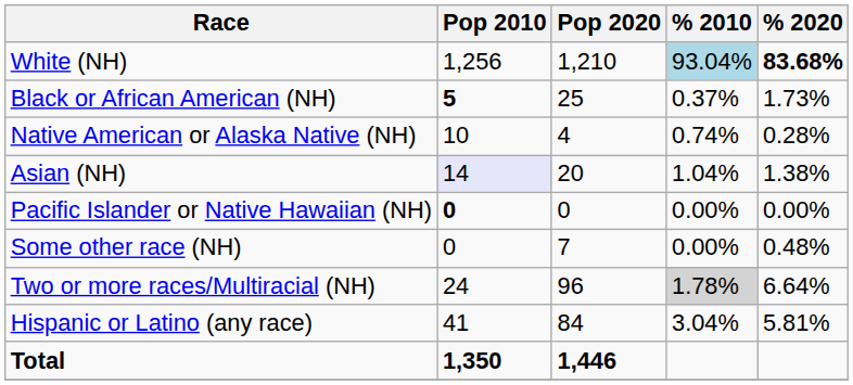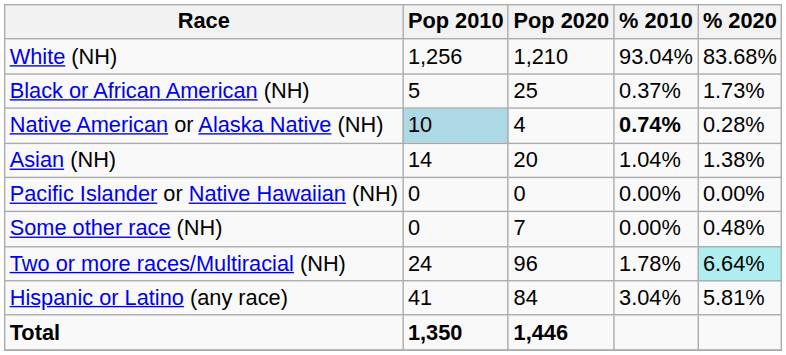 <table class="wikitable">
 <tr>
 <th>Race</th>
 <th>Pop 2010</th>
 <th>Pop 2020</th>
 <th>% 2010</th>
 <th>% 2020</th>
 </tr>
 <tr>
 <td><a href='#'>White</a> (NH)</td>
 <td>1,256</td>
 <td>1,210</td>
-<td style="background: lightblue;">93.04%</td>
-<td><strong>83.68%</strong></td>
+<td>93.04%</td>
+<td>83.68%</td>
 </tr>
 <tr>
 <td><a href='#'>Black or African American</a> (NH)</td>
-<td><strong>5</strong></td>
+<td>5</td>
 <td>25</td>
 <td>0.37%</td>
 <td>1.73%</td>
 </tr>
 <tr>
 <td><a href='#'>Native American</a> or <a href='#'>Alaska Native</a> (NH)</td>
-<td>10</td>
+<td style="background: lightblue;">10</td>
 <td>4</td>
-<td>0.74%</td>
+<td><strong>0.74%</strong></td>
 <td>0.28%</td>
 </tr>
 <tr>
 <td><a href='#'>Asian</a> (NH)</td>
-<td style="background: lavender;">14</td>
+<td>14</td>
 <td>20</td>
 <td>1.04%</td>
 <td>1.38%</td>
 </tr>
 <tr>
 <td><a href='#'>Pacific Islander</a> or <a href='#'>Native Hawaiian</a> (NH)</td>
-<td><strong>0</strong></td>
+<td>0</td>
 <td>0</td>
 <td>0.00%</td>
 <td>0.00%</td>
 </tr>
 <tr>
 <td><a href='#'>Some other race</a> (NH)</td>
 <td>0</td>
 <td>7</td>
 <td>0.00%</td>
 <td>0.48%</td>
 </tr>
 <tr>
 <td><a href='#'>Two or more races/Multiracial</a> (NH)</td>
 <td>24</td>
 <td>96</td>
-<td style="background: lightgrey;">1.78%</td>
-<td>6.64%</td>
+<td>1.78%</td>
+<td style="background: paleturquoise;">6.64%</td>
 </tr>
 <tr>
 <td><a href='#'>Hispanic or Latino</a> (any race)</td>
 <td>41</td>
 <td>84</td>
 <td>3.04%</td>
 <td>5.81%</td>
 </tr>
 <tr>
 <td><strong>Total</strong></td>
 <td><strong>1,350</strong></td>
 <td><strong>1,446</strong></td>
 <td></td>
 <td></td>
 </tr>
 <tr>
 </tr>
 </table>
